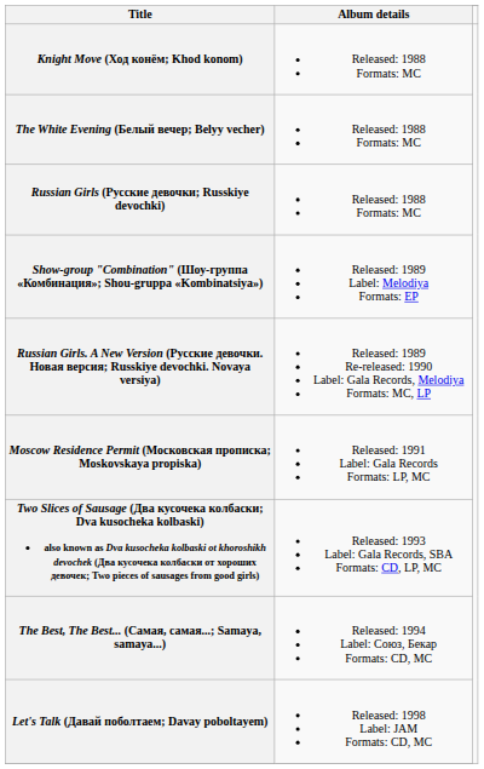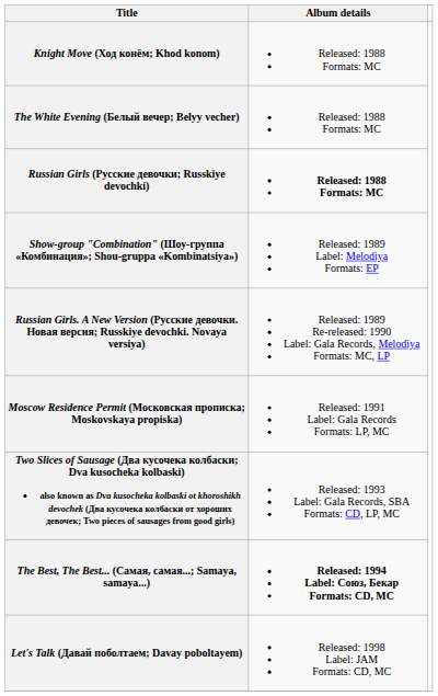 <table class="wikitable plainrowheaders" style="text-align:center;">
 <tr>
 <th style="width:22em;" rowspan="2">Title</th>
 <th style="width:16em;" rowspan="2">Album details</th>
 </tr>
 <tr>
 <td></td>
 </tr>
 <tr>
 <th scope="row"><em>Knight Move</em> (Ход конём; Khod konom)</th>
 <td><br><ul><li>Released: 1988 </li><li>Formats: MC</li></ul></td>
 </tr>
 <tr>
 <th scope="row"><em>The White Evening</em> (Белый вечер; Belyy vecher)</th>
 <td><br><ul><li>Released: 1988 </li><li>Formats: MC</li></ul></td>
 </tr>
 <tr>
 <th scope="row"><em>Russian Girls</em> (Русские девочки; Russkiye devochki)</th>
-<td><br><ul><li>Released: 1988 </li><li>Formats: MC</li></ul></td>
+<td><strong><br><ul><li>Released: 1988 </li><li>Formats: MC</li></ul></strong></td>
 </tr>
 <tr>
 <th scope="row"><em>Show-group "Combination"</em> (Шоу-группа «Комбинация»; Shou-gruppa «Kombinatsiya»)</th>
 <td><br><ul><li>Released: 1989 </li><li>Label: <a href='#'>Melodiya</a></li><li>Formats: <a href='#'>EP</a></li></ul></td>
 </tr>
 <tr>
 <th scope="row"><em>Russian Girls. A New Version</em> (Русские девочки. Новая версия; Russkiye devochki. Novaya versiya)</th>
 <td><br><ul><li>Released: 1989 </li><li>Re-released: 1990</li><li>Label: Gala Records, <a href='#'>Melodiya</a></li><li>Formats: MC, <a href='#'>LP</a></li></ul></td>
 </tr>
 <tr>
 <th scope="row"><em>Moscow Residence Permit</em> (Московская прописка; Moskovskaya propiska)</th>
 <td><br><ul><li>Released: 1991 </li><li>Label: Gala Records</li><li>Formats: LP, MC</li></ul></td>
 </tr>
 <tr>
 <th scope="row"><em>Two Slices of Sausage</em> (Два кусочека колбаски; Dva kusocheka kolbaski)<br><ul><li><small>also known as <em>Dva kusocheka kolbaski ot khoroshikh devochek</em> (Два кусочека колбаски от хороших девочек; Two pieces of sausages from good girls)</small></li></ul></th>
 <td><br><ul><li>Released: 1993 </li><li>Label: Gala Records, SBA</li><li>Formats: <a href='#'>CD</a>, LP, MC</li></ul></td>
 </tr>
 <tr>
 <th scope="row"><em>The Best, The Best...</em> (Самая, самая...; Samaya, samaya...)</th>
-<td><br><ul><li>Released: 1994 </li><li>Label: Союз, Бекар</li><li>Formats: CD, MC</li></ul></td>
+<td><strong><br><ul><li>Released: 1994 </li><li>Label: Союз, Бекар</li><li>Formats: CD, MC</li></ul></strong></td>
 </tr>
 <tr>
 <th scope="row"><em>Let's Talk</em> (Давай поболтаем; Davay poboltayem)</th>
 <td><br><ul><li>Released: 1998 </li><li>Label: JAM</li><li>Formats: CD, MC</li></ul></td>
 </tr>
 <tr>
 </tr>
 </table>
